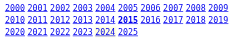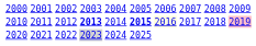 <table>
 <tr>
 <td><a href='#'>2000</a></td>
 <td><a href='#'>2001</a></td>
 <td><a href='#'>2002</a></td>
 <td><a href='#'>2003</a></td>
 <td><a href='#'>2004</a></td>
 <td><a href='#'>2005</a></td>
 <td><a href='#'>2006</a></td>
 <td><a href='#'>2007</a></td>
 <td><a href='#'>2008</a></td>
 <td><a href='#'>2009</a></td>
 </tr>
 <tr>
 <td><a href='#'>2010</a></td>
 <td><a href='#'>2011</a></td>
 <td><a href='#'>2012</a></td>
-<td><a href='#'>2013</a></td>
+<td><strong><a href='#'>2013</a></strong></td>
 <td><a href='#'>2014</a></td>
 <td><strong><a href='#'>2015</a></strong></td>
-<td><a href='#'>2016</a></td>
+<td style="background: lightyellow;"><a href='#'>2016</a></td>
 <td><a href='#'>2017</a></td>
 <td><a href='#'>2018</a></td>
-<td><a href='#'>2019</a></td>
+<td style="background: pink;"><a href='#'>2019</a></td>
 </tr>
 <tr>
 <td><a href='#'>2020</a></td>
 <td><a href='#'>2021</a></td>
 <td><a href='#'>2022</a></td>
-<td><a href='#'>2023</a></td>
-<td style="background: lightyellow;"><a href='#'>2024</a></td>
+<td style="background: lightgrey;"><a href='#'>2023</a></td>
+<td><a href='#'>2024</a></td>
 <td><a href='#'>2025</a></td>
 </tr>
 </table>
